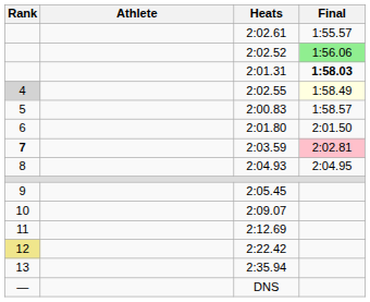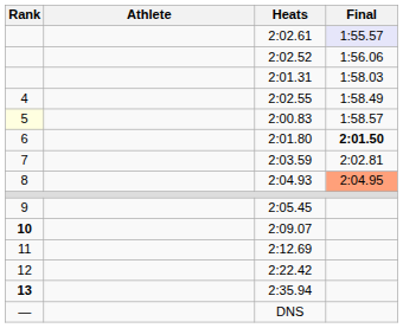 <table class=wikitable style="text-align:center">
 <tr>
 <th width=40>Rank</th>
 <th width=250>Athlete</th>
 <th width=80>Heats</th>
 <th width=80>Final</th>
 </tr>
 <tr>
 <td></td>
 <td align=left></td>
 <td>2:02.61</td>
-<td>1:55.57</td>
+<td style="background: lavender;">1:55.57</td>
 </tr>
 <tr>
 <td></td>
 <td align=left></td>
 <td>2:02.52</td>
-<td style="background: lightgreen;">1:56.06</td>
+<td>1:56.06</td>
 </tr>
 <tr>
 <td></td>
 <td align=left></td>
 <td>2:01.31</td>
-<td><strong>1:58.03</strong></td>
+<td>1:58.03</td>
 </tr>
 <tr>
-<td style="background: lightgrey;">4</td>
+<td>4</td>
 <td align=left></td>
 <td>2:02.55</td>
-<td style="background: lightyellow;">1:58.49</td>
+<td>1:58.49</td>
 </tr>
 <tr>
-<td>5</td>
+<td style="background: lightyellow;">5</td>
 <td align=left></td>
 <td>2:00.83</td>
 <td>1:58.57</td>
 </tr>
 <tr>
 <td>6</td>
 <td align=left></td>
 <td>2:01.80</td>
-<td>2:01.50</td>
+<td><strong>2:01.50</strong></td>
 </tr>
 <tr>
-<td><strong>7</strong></td>
+<td>7</td>
 <td align=left></td>
 <td>2:03.59</td>
-<td style="background: pink;">2:02.81</td>
+<td>2:02.81</td>
 </tr>
 <tr>
 <td>8</td>
 <td align=left></td>
 <td>2:04.93</td>
-<td>2:04.95</td>
+<td style="background: lightsalmon;">2:04.95</td>
 </tr>
 <tr bgcolor=#DDDDDD>
 <td colspan=4></td>
 </tr>
 <tr>
 <td>9</td>
 <td align=left></td>
 <td>2:05.45</td>
 <td></td>
 </tr>
 <tr>
-<td>10</td>
+<td><strong>10</strong></td>
 <td align=left></td>
 <td>2:09.07</td>
 <td></td>
 </tr>
 <tr>
 <td>11</td>
 <td align=left></td>
 <td>2:12.69</td>
 <td></td>
 </tr>
 <tr>
-<td style="background: khaki;">12</td>
+<td>12</td>
 <td align=left></td>
 <td>2:22.42</td>
 <td></td>
 </tr>
 <tr>
-<td>13</td>
+<td><strong>13</strong></td>
 <td align=left></td>
 <td>2:35.94</td>
 <td></td>
 </tr>
 <tr>
 <td>—</td>
 <td align=left></td>
 <td>DNS</td>
 <td></td>
 </tr>
 </table>
